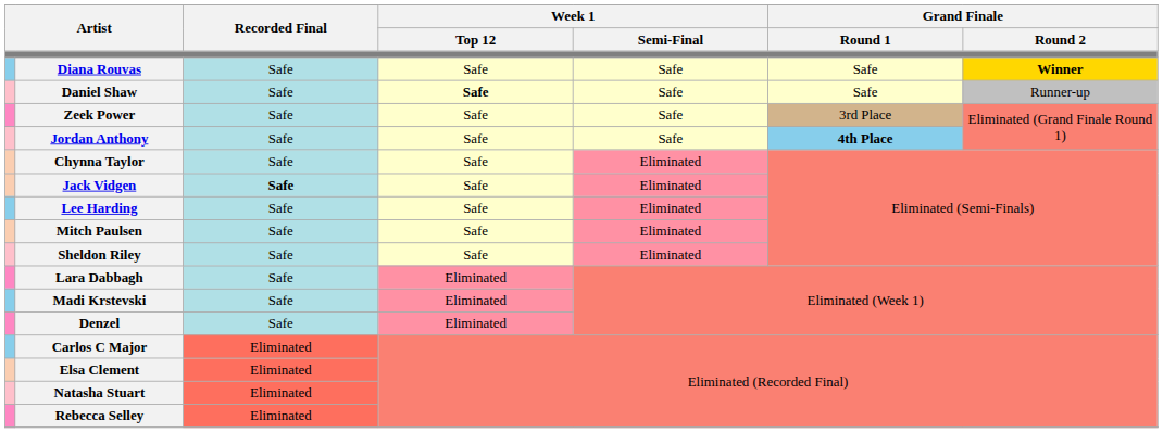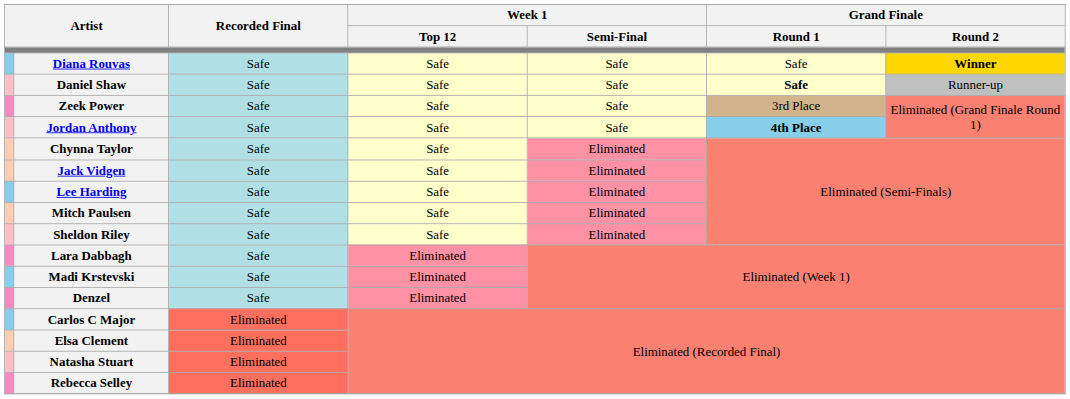 <table class="wikitable"  style="text-align:center; font-size:95%; width:auto;">
 <tr>
 </tr>
 <tr>
 <th style="width:11%;" colspan="2" rowspan="2">Artist</th>
 <th rowspan="2" style="width:12%;">Recorded Final</th>
 <th Colspan="2" style="width:12%;">Week 1</th>
 <th colspan="2" style="width:12%;">Grand Finale</th>
 </tr>
 <tr>
 <th style="width:12%;">Top 12</th>
 <th style="width:12%;">Semi-Final</th>
 <th style="width:12%;">Round 1</th>
 <th style="width:12%;">Round 2</th>
 </tr>
 <tr>
 <th colspan="11" style="background:gray;"></th>
 </tr>
 <tr>
 <th style="background:#87ceeb;"></th>
 <th><a href='#'>Diana Rouvas</a></th>
 <td style="background:#B0E0E6;">Safe</td>
 <td style="background:#FFFFCC;">Safe</td>
 <td style="background:#FFFFCC;">Safe</td>
 <td style="background:#FFFFCC;">Safe</td>
 <td style="background:gold;"><strong>Winner</strong></td>
 </tr>
 <tr>
 <th style="background:pink;"></th>
 <th>Daniel Shaw</th>
 <td style="background:#B0E0E6;">Safe</td>
-<td style="background:#FFFFCC;"><strong>Safe</strong></td>
 <td style="background:#FFFFCC;">Safe</td>
 <td style="background:#FFFFCC;">Safe</td>
+<td style="background:#FFFFCC;"><strong>Safe</strong></td>
 <td style="background:silver;">Runner-up</td>
 </tr>
 <tr>
 <th style="background: #FF87C3"></th>
 <th>Zeek Power</th>
 <td style="background:#B0E0E6;">Safe</td>
 <td style="background:#FFFFCC;">Safe</td>
 <td style="background:#FFFFCC;">Safe</td>
 <td style="background:tan;">3rd Place</td>
 <td colspan="2" rowspan="2" style="background:salmon;">Eliminated (Grand Finale Round 1)</td>
 </tr>
 <tr>
 <th style="background:pink;"></th>
 <th><a href='#'>Jordan Anthony</a></th>
 <td style="background:#B0E0E6;">Safe</td>
 <td style="background:#FFFFCC;">Safe</td>
 <td style="background:#FFFFCC;">Safe</td>
 <td style="background:skyblue;"><strong>4th Place</strong></td>
 </tr>
 <tr>
 <th style="background:#FBCEB1;"></th>
 <th>Chynna Taylor</th>
 <td style="background:#B0E0E6;">Safe</td>
 <td style="background:#FFFFCC;">Safe</td>
 <td style="background:#FF91A4;">Eliminated</td>
 <td colspan="5" rowspan="5" style="background:salmon;">Eliminated (Semi-Finals)</td>
 </tr>
 <tr>
 <th style="background:#FBCEB1;"></th>
 <th><a href='#'>Jack Vidgen</a></th>
-<td style="background:#B0E0E6;"><strong>Safe</strong></td>
+<td style="background:#B0E0E6;">Safe</td>
 <td style="background:#FFFFCC;">Safe</td>
 <td style="background:#FF91A4;">Eliminated</td>
 </tr>
 <tr>
 <th style="background:#87ceeb;"></th>
 <th><a href='#'>Lee Harding</a></th>
 <td style="background:#B0E0E6;">Safe</td>
 <td style="background:#FFFFCC;">Safe</td>
 <td style="background:#FF91A4;">Eliminated</td>
 </tr>
 <tr>
 <th style="background:#FBCEB1;"></th>
 <th>Mitch Paulsen</th>
 <td style="background:#B0E0E6;">Safe</td>
 <td style="background:#FFFFCC;">Safe</td>
 <td style="background:#FF91A4;">Eliminated</td>
 </tr>
 <tr>
 <th style="background:pink;"></th>
 <th>Sheldon Riley</th>
 <td style="background:#B0E0E6;">Safe</td>
 <td style="background:#FFFFCC;">Safe</td>
 <td style="background:#FF91A4;">Eliminated</td>
 </tr>
 <tr>
 <th style="background: #FF87C3"></th>
 <th>Lara Dabbagh</th>
 <td style="background:#B0E0E6;">Safe</td>
 <td style="background:#FF91A4;">Eliminated</td>
 <td colspan="5" rowspan="3" style="background:salmon;">Eliminated (Week 1)</td>
 </tr>
 <tr>
 <th style="background:#87ceeb;"></th>
 <th>Madi Krstevski</th>
 <td style="background:#B0E0E6;">Safe</td>
 <td style="background:#FF91A4;">Eliminated</td>
 </tr>
 <tr>
 <th style="background: #FF87C3"></th>
 <th>Denzel</th>
 <td style="background:#B0E0E6;">Safe</td>
 <td style="background:#FF91A4;">Eliminated</td>
 </tr>
 <tr>
 <th style="background:#87ceeb;"></th>
 <th>Carlos C Major</th>
 <td style="background:#FE6F5E;">Eliminated</td>
 <td colspan="5" rowspan="4" style="background:salmon;">Eliminated (Recorded Final)</td>
 </tr>
 <tr>
 <th style="background:#FBCEB1;"></th>
 <th>Elsa Clement</th>
 <td style="background:#FE6F5E;">Eliminated</td>
 </tr>
 <tr>
 <th style="background:pink;"></th>
 <th>Natasha Stuart</th>
 <td style="background:#FE6F5E;">Eliminated</td>
 </tr>
 <tr>
 <th style="background:#FF87C3"></th>
 <th>Rebecca Selley</th>
 <td style="background:#FE6F5E;">Eliminated</td>
 </tr>
 <tr>
 </tr>
 </table>
